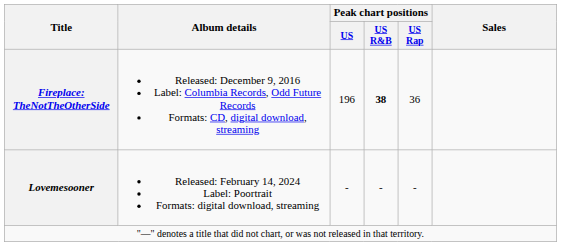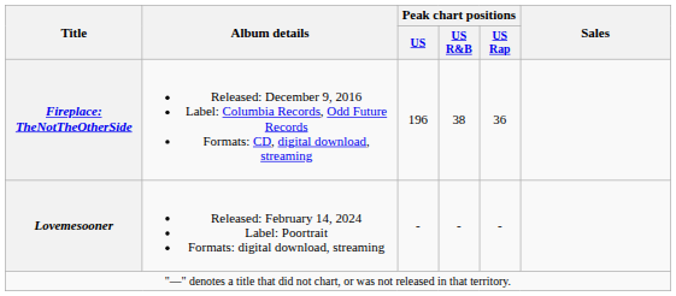 <table class="wikitable plainrowheaders" style="text-align:center;">
 <tr>
 <th scope="col" rowspan="2" style="width:10em;">Title</th>
 <th scope="col" rowspan="2" style="width:19em;">Album details</th>
 <th scope="col" colspan="3">Peak chart positions</th>
 <th scope="col" rowspan="2" style="width:11em;">Sales</th>
 </tr>
 <tr>
 <th scope="col" style="width:3em;font-size:90%;"><a href='#'>US</a></th>
 <th scope="col" style="width:3em;font-size:90%;"><a href='#'>US<br>R&B</a></th>
 <th scope="col" style="width:3em;font-size:90%;"><a href='#'>US<br>Rap</a></th>
 </tr>
 <tr>
 <th scope="row"><em><a href='#'>Fireplace: TheNotTheOtherSide</a></em></th>
 <td><br><ul><li>Released: December 9, 2016</li><li>Label: <a href='#'>Columbia Records</a>, <a href='#'>Odd Future Records</a></li><li>Formats: <a href='#'>CD</a>, <a href='#'>digital download</a>, <a href='#'>streaming</a></li></ul></td>
 <td>196</td>
-<td><strong>38</strong></td>
+<td>38</td>
 <td>36</td>
 <td></td>
 </tr>
 <tr>
 <th scope="row"><em>Lovemesooner</em><br></th>
 <td><br><ul><li>Released: February 14, 2024</li><li>Label: Poortrait</li><li>Formats: digital download, streaming</li></ul></td>
 <td>-</td>
 <td>-</td>
 <td>-</td>
 <td></td>
 </tr>
 <tr>
 <td colspan="14" style="font-size:90%">"—" denotes a title that did not chart, or was not released in that territory.</td>
 </tr>
 </table>
